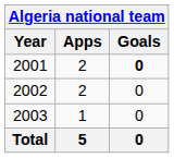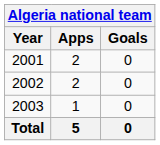 <table class="wikitable" style="text-align:center">
 <tr>
 <th colspan=3><a href='#'>Algeria national team</a></th>
 </tr>
 <tr>
 <th>Year</th>
 <th>Apps</th>
 <th>Goals</th>
 </tr>
 <tr>
 <td>2001</td>
 <td>2</td>
-<td><strong>0</strong></td>
+<td>0</td>
 </tr>
 <tr>
 <td>2002</td>
 <td>2</td>
 <td>0</td>
 </tr>
 <tr>
 <td>2003</td>
 <td>1</td>
 <td>0</td>
 </tr>
 <tr>
 <th>Total</th>
 <th>5</th>
 <th>0</th>
 </tr>
 </table>
